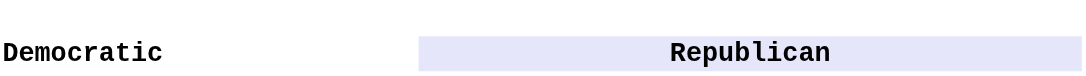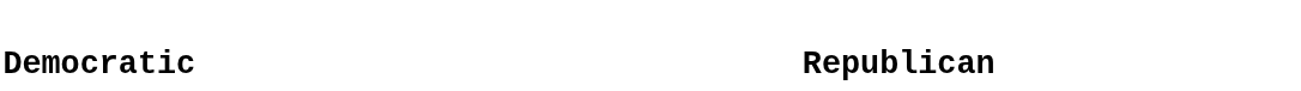 <table style="width:50em; text-align:center">
 <tr style="color:white">
 <td style="background:"><strong>68</strong></td>
 <td style="background:"><strong>32</strong></td>
 </tr>
 <tr>
 <td><span><strong>Democratic</strong></span></td>
-<td style="background: lavender;"><span><strong>Republican</strong></span></td>
+<td><span><strong>Republican</strong></span></td>
 </tr>
 </table>
